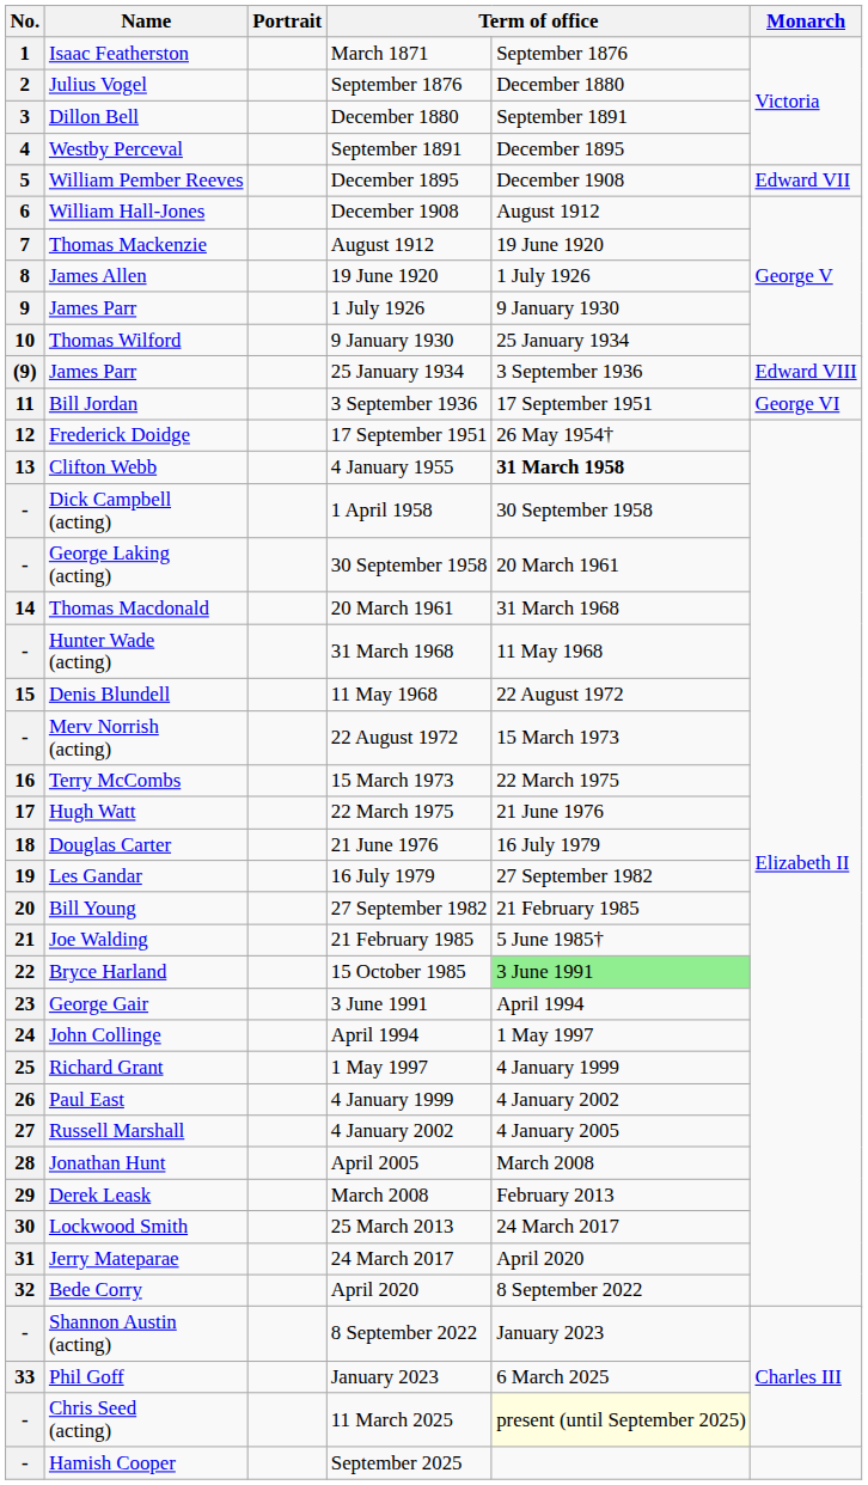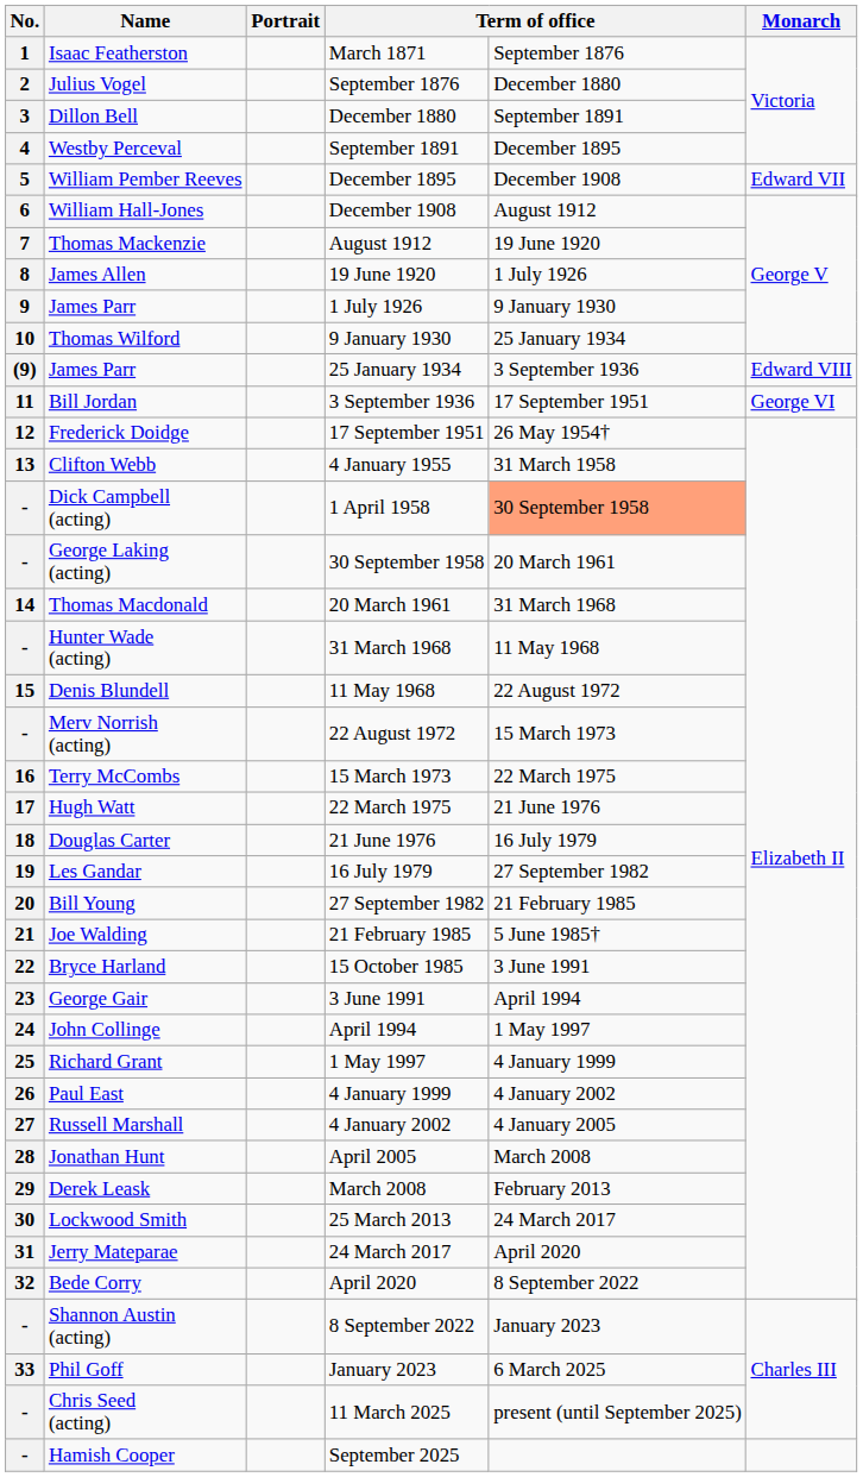 <table class="wikitable"; text-align:center;>
 <tr>
 <th>No.</th>
 <th>Name</th>
 <th>Portrait</th>
 <th colspan=2>Term of office</th>
 <th><a href='#'>Monarch</a></th>
 </tr>
 <tr>
 <th>1</th>
 <td><a href='#'>Isaac Featherston</a></td>
 <td></td>
 <td>March 1871</td>
 <td>September 1876</td>
 <td rowspan="5"><a href='#'>Victoria</a></td>
 </tr>
 <tr>
 <th>2</th>
 <td><a href='#'>Julius Vogel</a></td>
 <td></td>
 <td>September 1876</td>
 <td>December 1880</td>
 </tr>
 <tr>
 <th>3</th>
 <td><a href='#'>Dillon Bell</a></td>
 <td></td>
 <td>December 1880</td>
 <td>September 1891</td>
 </tr>
 <tr>
 <th>4</th>
 <td><a href='#'>Westby Perceval</a></td>
 <td></td>
 <td>September 1891</td>
 <td>December 1895</td>
 </tr>
 <tr>
 <th rowspan=2>5</th>
 <td rowspan=2><a href='#'>William Pember Reeves</a></td>
 <td rowspan=2></td>
 <td rowspan=2>December 1895</td>
 <td rowspan=2>December 1908</td>
 </tr>
 <tr>
 <td rowspan="2"><a href='#'>Edward VII</a></td>
 </tr>
 <tr>
 <th rowspan=2>6</th>
 <td rowspan=2><a href='#'>William Hall-Jones</a></td>
 <td rowspan=2></td>
 <td rowspan=2>December 1908</td>
 <td rowspan=2>August 1912</td>
 </tr>
 <tr>
 <td rowspan="6"><a href='#'>George V</a></td>
 </tr>
 <tr>
 <th>7</th>
 <td><a href='#'>Thomas Mackenzie</a></td>
 <td></td>
 <td>August 1912</td>
 <td>19 June 1920</td>
 </tr>
 <tr>
 <th>8</th>
 <td><a href='#'>James Allen</a></td>
 <td></td>
 <td>19 June 1920</td>
 <td>1 July 1926</td>
 </tr>
 <tr>
 <th>9</th>
 <td><a href='#'>James Parr</a></td>
 <td></td>
 <td>1 July 1926</td>
 <td>9 January 1930</td>
 </tr>
 <tr>
 <th>10</th>
 <td><a href='#'>Thomas Wilford</a></td>
 <td></td>
 <td>9 January 1930</td>
 <td>25 January 1934</td>
 </tr>
 <tr>
 <th rowspan=2>(9)</th>
 <td rowspan=2><a href='#'>James Parr</a></td>
 <td rowspan=2></td>
 <td rowspan=2>25 January 1934</td>
 <td rowspan=2>3 September 1936</td>
 </tr>
 <tr>
 <td rowspan="2"><a href='#'>Edward VIII</a></td>
 </tr>
 <tr>
 <th rowspan=2>11</th>
 <td rowspan=2><a href='#'>Bill Jordan</a></td>
 <td rowspan=2></td>
 <td rowspan=2>3 September 1936</td>
 <td rowspan=2>17 September 1951</td>
 </tr>
 <tr>
 <td rowspan="2"><a href='#'>George VI</a></td>
 </tr>
 <tr>
 <th rowspan=2>12</th>
 <td rowspan=2><a href='#'>Frederick Doidge</a></td>
 <td rowspan=2></td>
 <td rowspan=2>17 September 1951</td>
 <td rowspan=2>26 May 1954†</td>
 </tr>
 <tr>
 <td rowspan="26"><a href='#'>Elizabeth II</a></td>
 </tr>
 <tr>
 <th>13</th>
 <td><a href='#'>Clifton Webb</a></td>
 <td></td>
 <td>4 January 1955</td>
-<td><strong>31 March 1958</strong></td>
+<td>31 March 1958</td>
 </tr>
 <tr>
 <th>-</th>
 <td><a href='#'>Dick Campbell</a><br>(acting)</td>
 <td></td>
 <td>1 April 1958</td>
-<td>30 September 1958</td>
+<td style="background: lightsalmon;">30 September 1958</td>
 </tr>
 <tr>
 <th>-</th>
 <td><a href='#'>George Laking</a><br>(acting)</td>
 <td></td>
 <td>30 September 1958</td>
 <td>20 March 1961</td>
 </tr>
 <tr>
 <th>14</th>
 <td><a href='#'>Thomas Macdonald</a></td>
 <td></td>
 <td>20 March 1961</td>
 <td>31 March 1968</td>
 </tr>
 <tr>
 <th>-</th>
 <td><a href='#'>Hunter Wade</a><br>(acting)</td>
 <td></td>
 <td>31 March 1968</td>
 <td>11 May 1968</td>
 </tr>
 <tr>
 <th>15</th>
 <td><a href='#'>Denis Blundell</a></td>
 <td></td>
 <td>11 May 1968</td>
 <td>22 August 1972</td>
 </tr>
 <tr>
 <th>-</th>
 <td><a href='#'>Merv Norrish</a><br>(acting)</td>
 <td></td>
 <td>22 August 1972</td>
 <td>15 March 1973</td>
 </tr>
 <tr>
 <th>16</th>
 <td><a href='#'>Terry McCombs</a></td>
 <td></td>
 <td>15 March 1973</td>
 <td>22 March 1975</td>
 </tr>
 <tr>
 <th>17</th>
 <td><a href='#'>Hugh Watt</a></td>
 <td></td>
 <td>22 March 1975</td>
 <td>21 June 1976</td>
 </tr>
 <tr>
 <th>18</th>
 <td><a href='#'>Douglas Carter</a></td>
 <td></td>
 <td>21 June 1976</td>
 <td>16 July 1979</td>
 </tr>
 <tr>
 <th>19</th>
 <td><a href='#'>Les Gandar</a></td>
 <td></td>
 <td>16 July 1979</td>
 <td>27 September 1982</td>
 </tr>
 <tr>
 <th>20</th>
 <td><a href='#'>Bill Young</a></td>
 <td></td>
 <td>27 September 1982</td>
 <td>21 February 1985</td>
 </tr>
 <tr>
 <th>21</th>
 <td><a href='#'>Joe Walding</a></td>
 <td></td>
 <td>21 February 1985</td>
 <td>5 June 1985†</td>
 </tr>
 <tr>
 <th>22</th>
 <td><a href='#'>Bryce Harland</a></td>
 <td></td>
 <td>15 October 1985</td>
-<td style="background: lightgreen;">3 June 1991</td>
+<td>3 June 1991</td>
 </tr>
 <tr>
 <th>23</th>
 <td><a href='#'>George Gair</a></td>
 <td></td>
 <td>3 June 1991</td>
 <td>April 1994</td>
 </tr>
 <tr>
 <th>24</th>
 <td><a href='#'>John Collinge</a></td>
 <td></td>
 <td>April 1994</td>
 <td>1 May 1997</td>
 </tr>
 <tr>
 <th>25</th>
 <td><a href='#'>Richard Grant</a></td>
 <td></td>
 <td>1 May 1997</td>
 <td>4 January 1999</td>
 </tr>
 <tr>
 <th>26</th>
 <td><a href='#'>Paul East</a></td>
 <td></td>
 <td>4 January 1999</td>
 <td>4 January 2002</td>
 </tr>
 <tr>
 <th>27</th>
 <td><a href='#'>Russell Marshall</a></td>
 <td></td>
 <td>4 January 2002</td>
 <td>4 January 2005</td>
 </tr>
 <tr>
 <th>28</th>
 <td><a href='#'>Jonathan Hunt</a></td>
 <td></td>
 <td>April 2005</td>
 <td>March 2008</td>
 </tr>
 <tr>
 <th>29</th>
 <td><a href='#'>Derek Leask</a></td>
 <td></td>
 <td>March 2008</td>
 <td>February 2013</td>
 </tr>
 <tr>
 <th>30</th>
 <td><a href='#'>Lockwood Smith</a></td>
 <td></td>
 <td>25 March 2013</td>
 <td>24 March 2017</td>
 </tr>
 <tr>
 <th>31</th>
 <td><a href='#'>Jerry Mateparae</a></td>
 <td></td>
 <td>24 March 2017</td>
 <td>April 2020</td>
 </tr>
 <tr>
 <th>32</th>
 <td><a href='#'>Bede Corry</a></td>
 <td></td>
 <td>April 2020</td>
 <td>8 September 2022</td>
 </tr>
 <tr>
 <th rowspan=2>-</th>
 <td rowspan=2><a href='#'>Shannon Austin</a><br>(acting)</td>
 <td rowspan=2></td>
 <td rowspan=2>8 September 2022</td>
 <td rowspan=2>January 2023</td>
 </tr>
 <tr>
 <td rowspan="3"><a href='#'>Charles III</a></td>
 </tr>
 <tr>
 <th>33</th>
 <td><a href='#'>Phil Goff</a></td>
 <td></td>
 <td>January 2023</td>
 <td>6 March 2025</td>
 </tr>
 <tr>
 <th>-</th>
 <td><a href='#'>Chris Seed</a><br>(acting)</td>
 <td></td>
 <td>11 March 2025</td>
-<td style="background: lightyellow;">present (until September 2025)</td>
+<td>present (until September 2025)</td>
 </tr>
 <tr>
 <th>-</th>
 <td><a href='#'>Hamish Cooper</a></td>
 <td></td>
 <td>September 2025</td>
 <td></td>
 </tr>
 </table>
